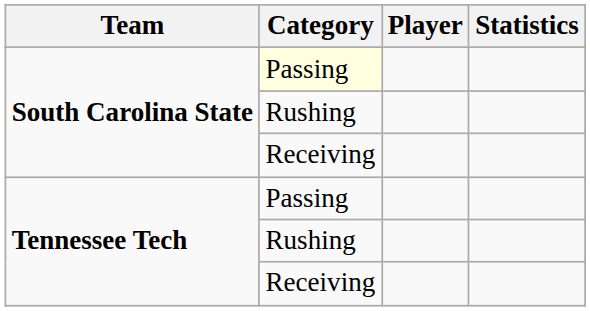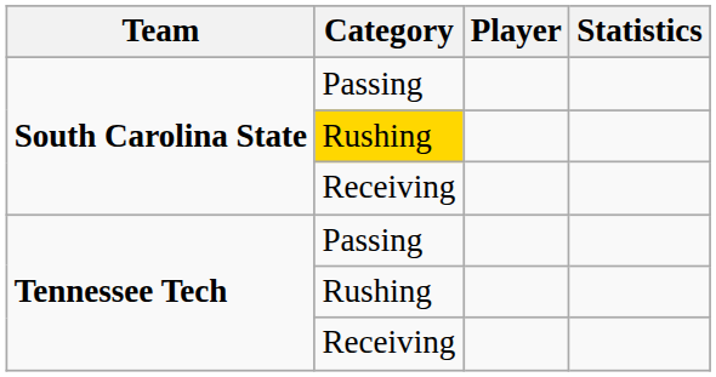 <table class="wikitable" style="float: right;">
 <tr>
 <th>Team</th>
 <th>Category</th>
 <th>Player</th>
 <th>Statistics</th>
 </tr>
 <tr>
 <td rowspan=3><strong>South Carolina State</strong></td>
-<td style="background: lightyellow;">Passing</td>
+<td>Passing</td>
 <td></td>
 <td></td>
 </tr>
 <tr>
-<td>Rushing</td>
+<td style="background: gold;">Rushing</td>
 <td></td>
 <td></td>
 </tr>
 <tr>
 <td>Receiving</td>
 <td></td>
 <td></td>
 </tr>
 <tr>
 <td rowspan=3><strong>Tennessee Tech</strong></td>
 <td>Passing</td>
 <td></td>
 <td></td>
 </tr>
 <tr>
 <td>Rushing</td>
 <td></td>
 <td></td>
 </tr>
 <tr>
 <td>Receiving</td>
 <td></td>
 <td></td>
 </tr>
 </table>
